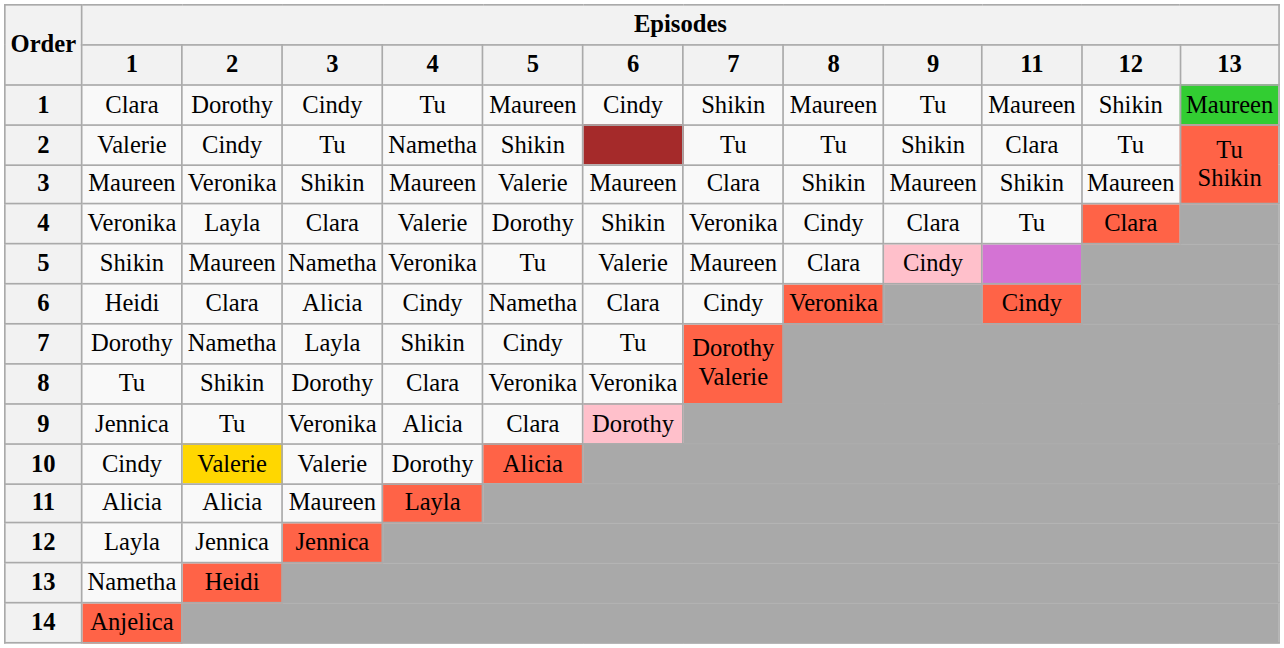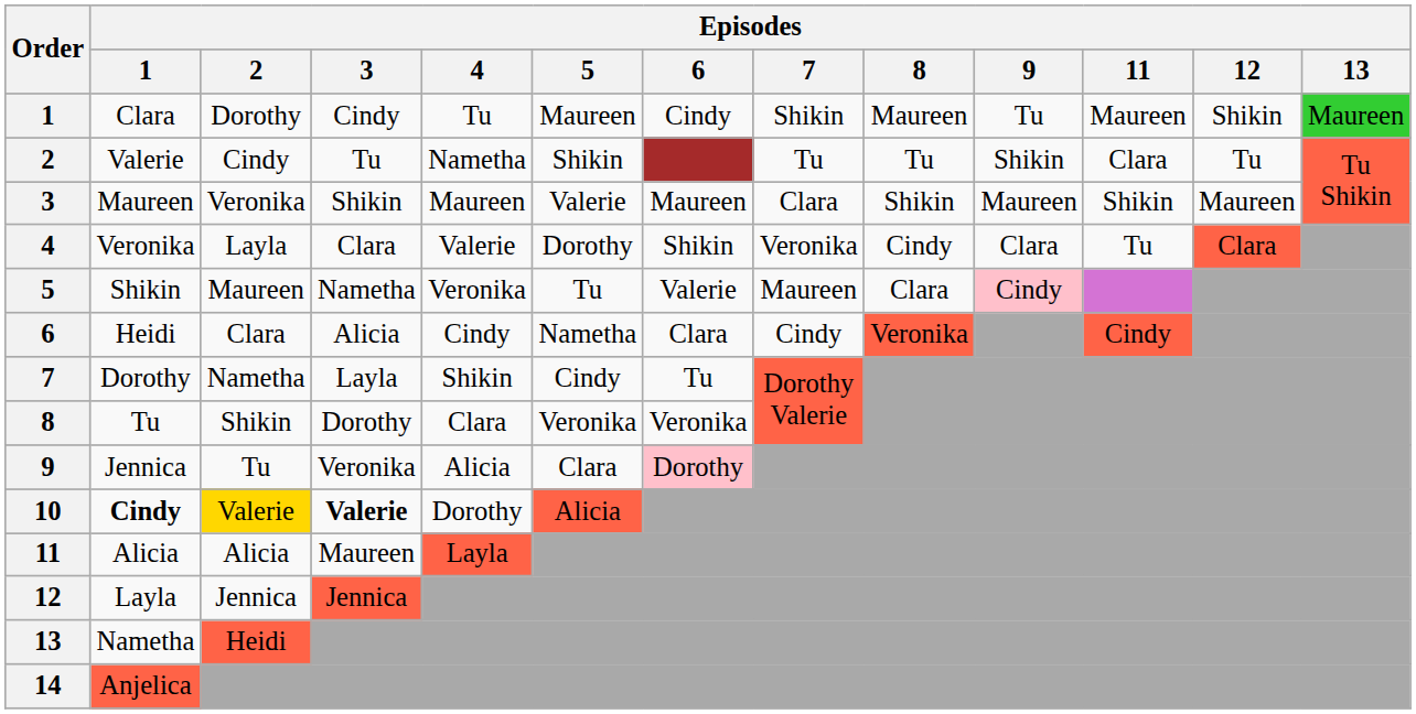 <table class="wikitable" style="text-align:center; font-size:92%;">
 <tr>
 <th rowspan="2">Order</th>
 <th colspan="13">Episodes</th>
 </tr>
 <tr>
 <th>1</th>
 <th>2</th>
 <th>3</th>
 <th>4</th>
 <th>5</th>
 <th>6</th>
 <th>7</th>
 <th>8</th>
 <th>9</th>
 <th>11</th>
 <th>12</th>
 <th>13</th>
 </tr>
 <tr>
 <th>1</th>
 <td>Clara</td>
 <td>Dorothy</td>
 <td>Cindy</td>
 <td>Tu</td>
 <td>Maureen</td>
 <td>Cindy</td>
 <td>Shikin</td>
 <td>Maureen</td>
 <td>Tu</td>
 <td>Maureen</td>
 <td>Shikin</td>
 <td style="background:limegreen;">Maureen</td>
 </tr>
 <tr>
 <th>2</th>
 <td>Valerie</td>
 <td>Cindy</td>
 <td>Tu</td>
 <td>Nametha</td>
 <td>Shikin</td>
 <td style="background:brown;"></td>
 <td>Tu</td>
 <td>Tu</td>
 <td>Shikin</td>
 <td>Clara</td>
 <td>Tu</td>
 <td rowspan="2" style="background:tomato;">Tu<br>Shikin</td>
 </tr>
 <tr>
 <th>3</th>
 <td>Maureen</td>
 <td>Veronika</td>
 <td>Shikin</td>
 <td>Maureen</td>
 <td>Valerie</td>
 <td>Maureen</td>
 <td>Clara</td>
 <td>Shikin</td>
 <td>Maureen</td>
 <td>Shikin</td>
 <td>Maureen</td>
 </tr>
 <tr>
 <th>4</th>
 <td>Veronika</td>
 <td>Layla</td>
 <td>Clara</td>
 <td>Valerie</td>
 <td>Dorothy</td>
 <td>Shikin</td>
 <td>Veronika</td>
 <td>Cindy</td>
 <td>Clara</td>
 <td>Tu</td>
 <td style="background:tomato;">Clara</td>
 <td style="background:darkgray;"></td>
 </tr>
 <tr>
 <th>5</th>
 <td>Shikin</td>
 <td>Maureen</td>
 <td>Nametha</td>
 <td>Veronika</td>
 <td>Tu</td>
 <td>Valerie</td>
 <td>Maureen</td>
 <td>Clara</td>
 <td style="background:pink;">Cindy</td>
 <td style="background:#D473D4;"></td>
 <td colspan="2" style="background:darkgray;"></td>
 </tr>
 <tr>
 <th>6</th>
 <td>Heidi</td>
 <td>Clara</td>
 <td>Alicia</td>
 <td>Cindy</td>
 <td>Nametha</td>
 <td>Clara</td>
 <td>Cindy</td>
 <td style="background:tomato;">Veronika</td>
 <td style="background:darkgray;"></td>
 <td style="background:tomato;">Cindy</td>
 <td colspan="3" style="background:darkgray;"></td>
 </tr>
 <tr>
 <th>7</th>
 <td>Dorothy</td>
 <td>Nametha</td>
 <td>Layla</td>
 <td>Shikin</td>
 <td>Cindy</td>
 <td>Tu</td>
 <td rowspan="2" style="background:tomato;">Dorothy<br>Valerie</td>
 <td rowspan="2" colspan="6" style="background:darkgray;"></td>
 </tr>
 <tr>
 <th>8</th>
 <td>Tu</td>
 <td>Shikin</td>
 <td>Dorothy</td>
 <td>Clara</td>
 <td>Veronika</td>
 <td>Veronika</td>
 </tr>
 <tr>
 <th>9</th>
 <td>Jennica</td>
 <td>Tu</td>
 <td>Veronika</td>
 <td>Alicia</td>
 <td>Clara</td>
 <td style="background:pink;">Dorothy</td>
 <td colspan="7" style="background:darkgray;"></td>
 </tr>
 <tr>
 <th>10</th>
-<td>Cindy</td>
+<td><strong>Cindy</strong></td>
 <td style="background: gold;">Valerie</td>
-<td>Valerie</td>
+<td><strong>Valerie</strong></td>
 <td>Dorothy</td>
 <td style="background:tomato;">Alicia</td>
 <td colspan="8" style="background:darkgray;"></td>
 </tr>
 <tr>
 <th>11</th>
 <td>Alicia</td>
 <td>Alicia</td>
 <td>Maureen</td>
 <td style="background:tomato;">Layla</td>
 <td colspan="9" style="background:darkgray;"></td>
 </tr>
 <tr>
 <th>12</th>
 <td>Layla</td>
 <td>Jennica</td>
 <td style="background:tomato;">Jennica</td>
 <td colspan="10" style="background:darkgray;"></td>
 </tr>
 <tr>
 <th>13</th>
 <td>Nametha</td>
 <td style="background:tomato;">Heidi</td>
 <td colspan="11" style="background:darkgray;"></td>
 </tr>
 <tr>
 <th>14</th>
 <td style="background:tomato;">Anjelica</td>
 <td colspan="12" style="background:darkgray;"></td>
 </tr>
 </table>
